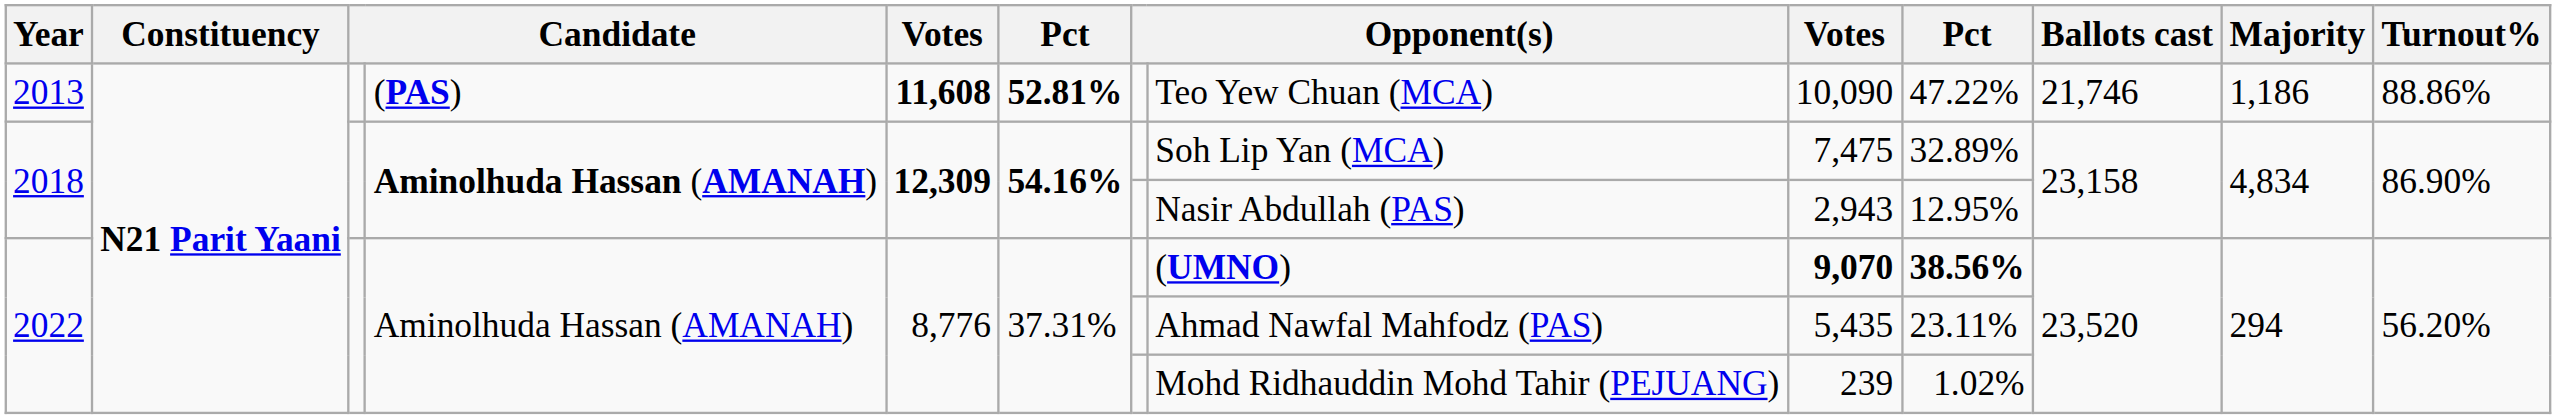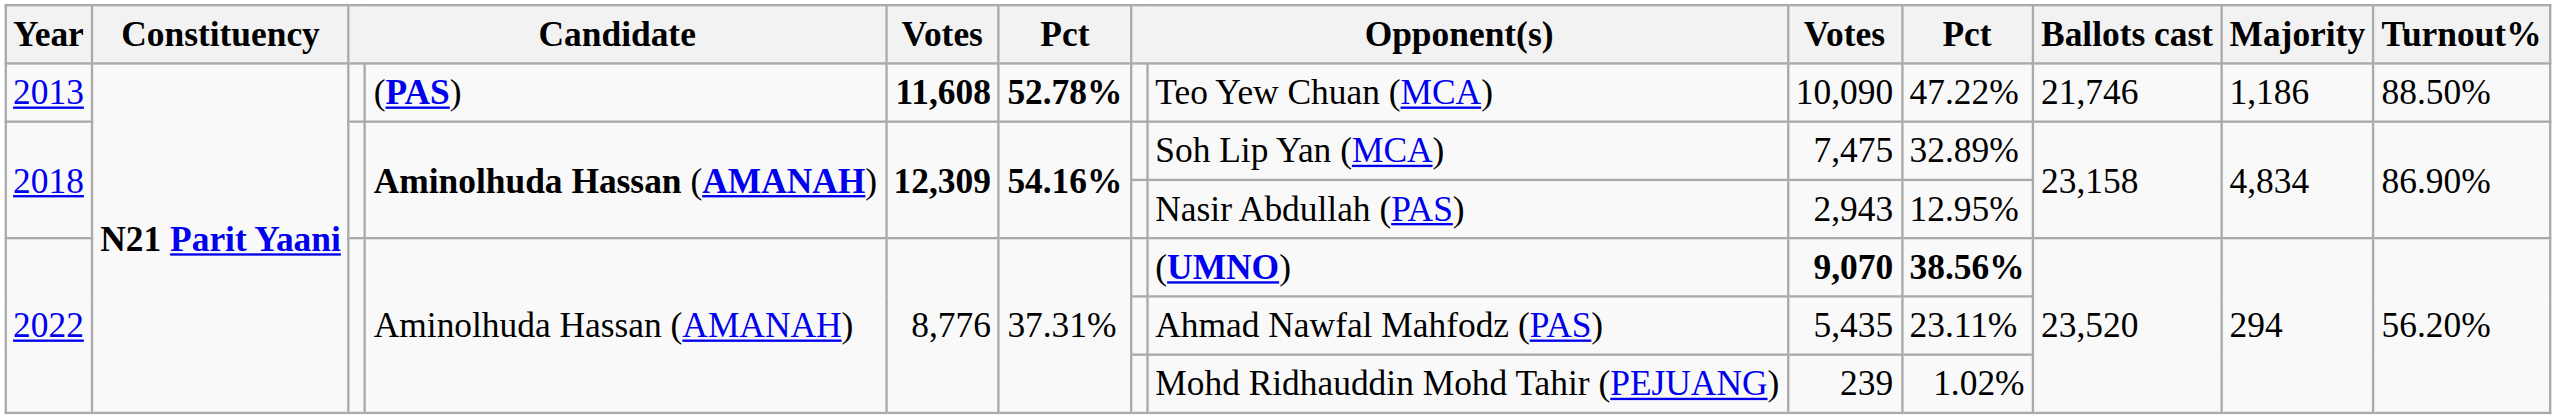 <table class="wikitable" style="margin:0.5em ; font-size:95%">
 <tr>
 <th>Year</th>
 <th>Constituency</th>
 <th colspan=2>Candidate</th>
 <th>Votes</th>
 <th>Pct</th>
 <th colspan=2>Opponent(s)</th>
 <th>Votes</th>
 <th>Pct</th>
 <th>Ballots cast</th>
 <th>Majority</th>
 <th>Turnout%</th>
 </tr>
 <tr>
 <td><a href='#'>2013</a></td>
 <td rowspan=6><strong>N21 <a href='#'>Parit Yaani</a></strong></td>
 <td></td>
 <td> (<a href='#'><strong>PAS</strong></a>)</td>
 <td align="right"><strong>11,608</strong></td>
-<td><strong>52.81%</strong></td>
+<td><strong>52.78%</strong></td>
 <td></td>
 <td>Teo Yew Chuan (<a href='#'>MCA</a>)</td>
 <td align="right">10,090</td>
 <td>47.22%</td>
 <td>21,746</td>
 <td>1,186</td>
-<td>88.86%</td>
+<td>88.50%</td>
 </tr>
 <tr>
 <td rowspan=2><a href='#'>2018</a></td>
 <td rowspan=2 ></td>
 <td rowspan=2><strong>Aminolhuda Hassan</strong> (<a href='#'><strong>AMANAH</strong></a>)</td>
 <td rowspan=2 align="right"><strong>12,309</strong></td>
 <td rowspan=2><strong>54.16%</strong></td>
 <td></td>
 <td>Soh Lip Yan (<a href='#'>MCA</a>)</td>
 <td align="right">7,475</td>
 <td>32.89%</td>
 <td rowspan=2>23,158</td>
 <td rowspan=2>4,834</td>
 <td rowspan=2>86.90%</td>
 </tr>
 <tr>
 <td></td>
 <td>Nasir Abdullah (<a href='#'>PAS</a>)</td>
 <td align="right">2,943</td>
 <td>12.95%</td>
 </tr>
 <tr>
 <td rowspan="3"><a href='#'>2022</a></td>
 <td rowspan="3" ></td>
 <td rowspan="3">Aminolhuda Hassan (<a href='#'>AMANAH</a>)</td>
 <td rowspan="3" align="right">8,776</td>
 <td rowspan="3">37.31%</td>
 <td></td>
 <td> (<a href='#'><strong>UMNO</strong></a>)</td>
 <td align="right"><strong>9,070</strong></td>
 <td><strong>38.56%</strong></td>
 <td rowspan=3>23,520</td>
 <td rowspan=3>294</td>
 <td rowspan=3>56.20%</td>
 </tr>
 <tr>
 <td></td>
 <td>Ahmad Nawfal Mahfodz (<a href='#'>PAS</a>)</td>
 <td align="right">5,435</td>
 <td>23.11%</td>
 </tr>
 <tr>
 <td></td>
 <td>Mohd Ridhauddin Mohd Tahir (<a href='#'>PEJUANG</a>)</td>
 <td align="right">239</td>
 <td align=right>1.02%</td>
 </tr>
 </table>
